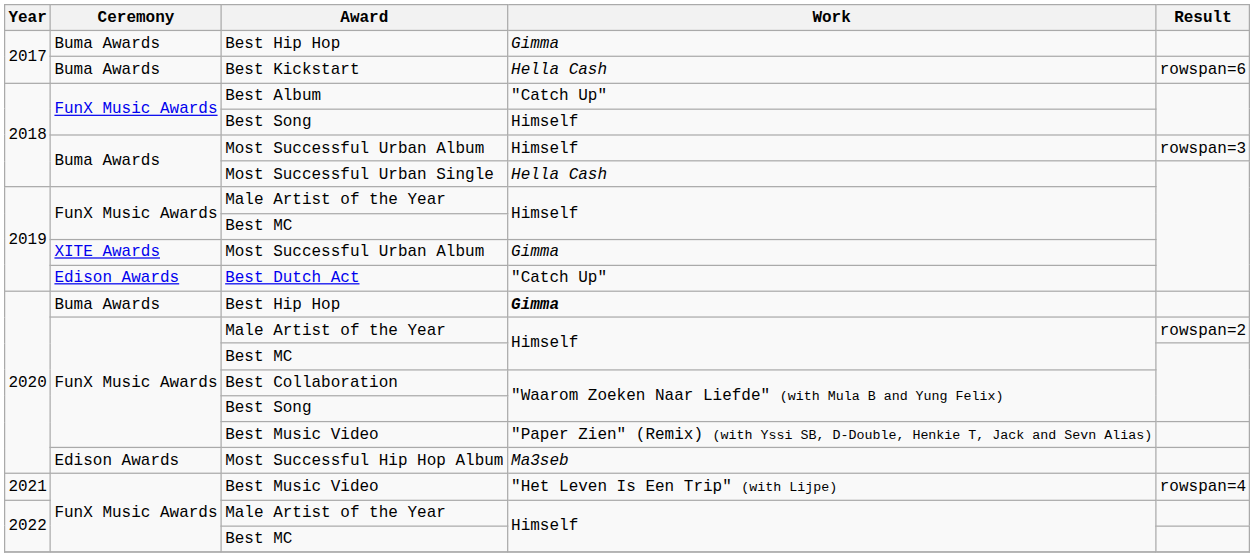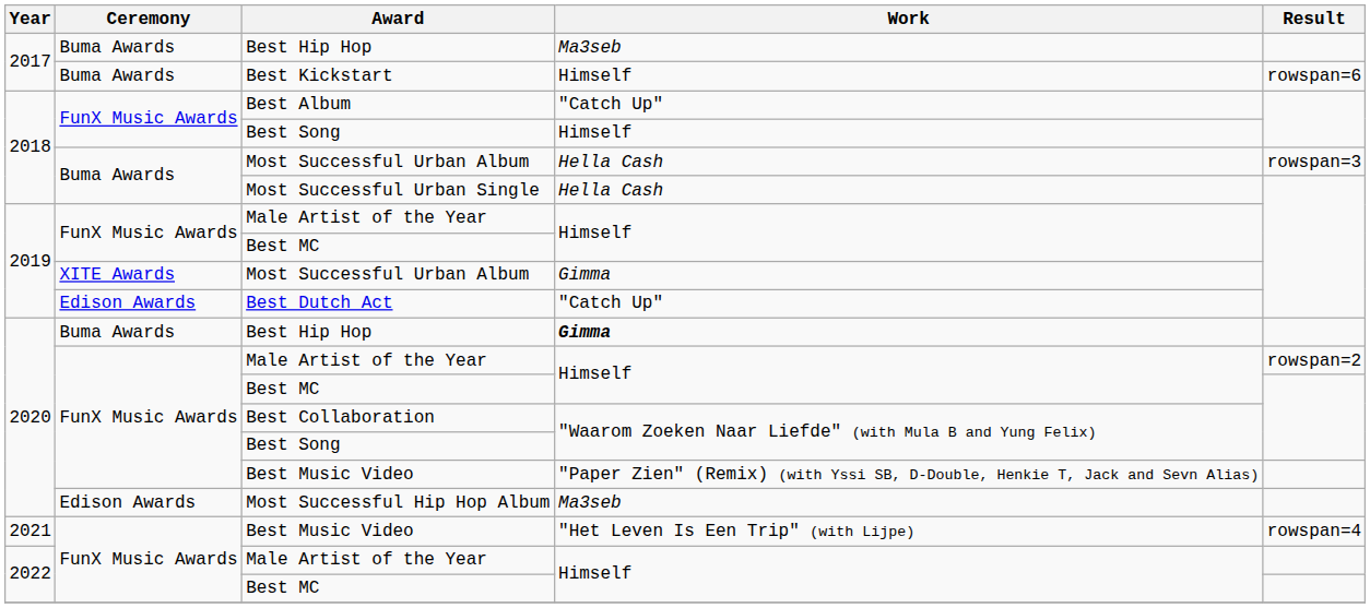 <table class="wikitable sortable">
 <tr>
 <th>Year</th>
 <th>Ceremony</th>
 <th>Award</th>
 <th>Work</th>
 <th>Result</th>
 </tr>
 <tr>
 <td rowspan=2>2017</td>
 <td>Buma Awards</td>
 <td>Best Hip Hop</td>
-<td><em>Gimma</em></td>
+<td><em>Ma3seb</em></td>
 <td></td>
 </tr>
 <tr>
 <td>Buma Awards</td>
 <td>Best Kickstart</td>
-<td><em>Hella Cash</em></td>
+<td>Himself</td>
 <td>rowspan=6 </td>
 </tr>
 <tr>
 <td rowspan=4>2018</td>
 <td rowspan=2><a href='#'>FunX Music Awards</a></td>
 <td>Best Album</td>
 <td>"Catch Up"</td>
 </tr>
 <tr>
 <td>Best Song</td>
 <td>Himself</td>
 </tr>
 <tr>
 <td rowspan=2>Buma Awards</td>
 <td>Most Successful Urban Album</td>
-<td>Himself</td>
+<td><em>Hella Cash</em></td>
 <td>rowspan=3 </td>
 </tr>
 <tr>
 <td>Most Successful Urban Single</td>
 <td><em>Hella Cash</em></td>
 </tr>
 <tr>
 <td rowspan=4>2019</td>
 <td rowspan=2>FunX Music Awards</td>
 <td>Male Artist of the Year</td>
 <td rowspan=2>Himself</td>
 </tr>
 <tr>
 <td>Best MC</td>
 </tr>
 <tr>
 <td><a href='#'>XITE Awards</a></td>
 <td>Most Successful Urban Album</td>
 <td><em>Gimma</em></td>
 </tr>
 <tr>
 <td><a href='#'>Edison Awards</a></td>
 <td><a href='#'>Best Dutch Act</a></td>
 <td>"Catch Up"</td>
 </tr>
 <tr>
 <td rowspan=7>2020</td>
 <td>Buma Awards</td>
 <td>Best Hip Hop</td>
 <td><strong><em>Gimma</em></strong></td>
 <td></td>
 </tr>
 <tr>
 <td rowspan=5>FunX Music Awards</td>
 <td>Male Artist of the Year</td>
 <td rowspan=2>Himself</td>
 <td>rowspan=2 </td>
 </tr>
 <tr>
 <td>Best MC</td>
 </tr>
 <tr>
 <td>Best Collaboration</td>
 <td rowspan=2>"Waarom Zoeken Naar Liefde" <small>(with Mula B and Yung Felix)</small></td>
 </tr>
 <tr>
 <td>Best Song</td>
 </tr>
 <tr>
 <td>Best Music Video</td>
 <td>"Paper Zien" (Remix) <small>(with Yssi SB, D-Double, Henkie T, Jack and Sevn Alias)</small></td>
 <td></td>
 </tr>
 <tr>
 <td>Edison Awards</td>
 <td>Most Successful Hip Hop Album</td>
 <td><em>Ma3seb</em></td>
 <td></td>
 </tr>
 <tr>
 <td>2021</td>
 <td rowspan=3>FunX Music Awards</td>
 <td>Best Music Video</td>
 <td>"Het Leven Is Een Trip" <small>(with Lijpe)</small></td>
 <td>rowspan=4 </td>
 </tr>
 <tr>
 <td rowspan=2>2022</td>
 <td>Male Artist of the Year</td>
 <td rowspan=2>Himself</td>
 </tr>
 <tr>
 <td>Best MC</td>
 <td></td>
 </tr>
 <tr>
 </tr>
 </table>
